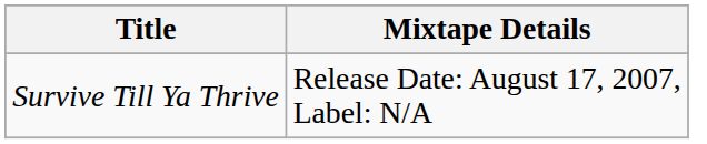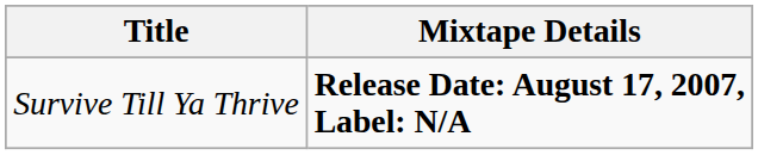 <table class="wikitable">
 <tr>
 <th>Title</th>
 <th>Mixtape Details</th>
 </tr>
 <tr>
 <td><em>Survive Till Ya Thrive</em></td>
-<td>Release Date: August 17, 2007,<br>Label: N/A</td>
+<td><strong>Release Date: August 17, 2007,<br>Label: N/A</strong></td>
 </tr>
 </table>
